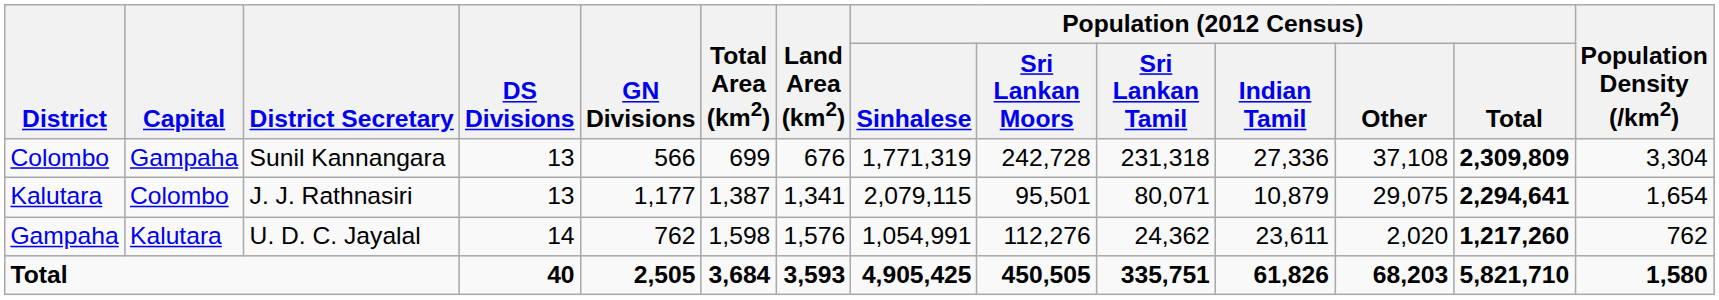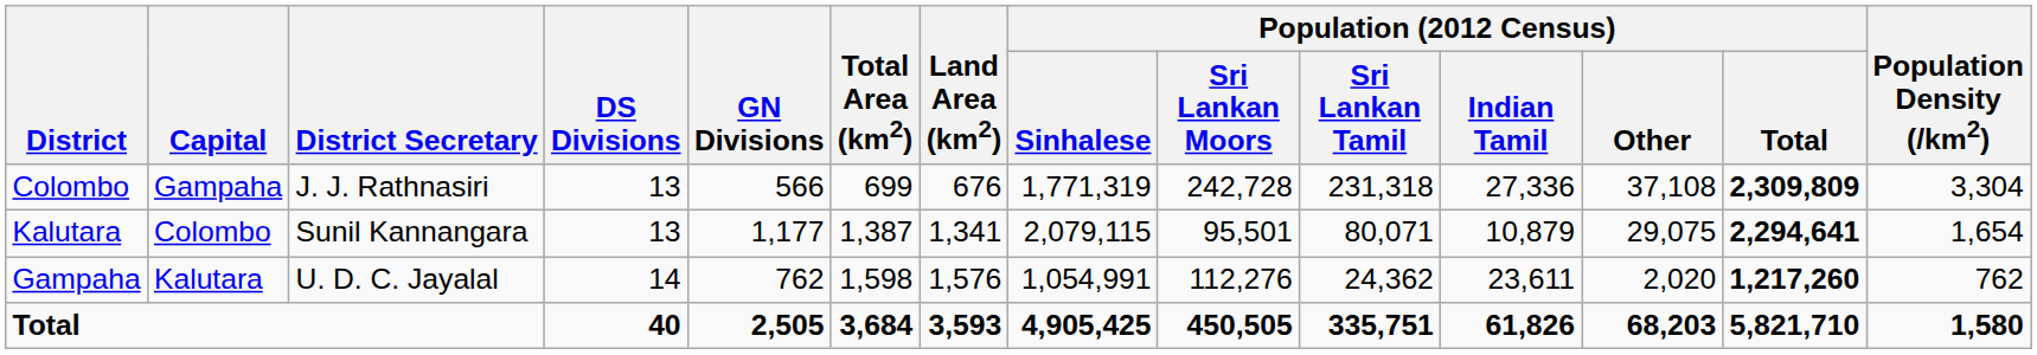 <table class="wikitable" style="text-align:right;">
 <tr style="vertical-align:bottom;">
 <th rowspan=2><a href='#'>District</a></th>
 <th rowspan=2><a href='#'>Capital</a></th>
 <th rowspan=2><a href='#'>District Secretary</a></th>
 <th rowspan=2><a href='#'>DS<br>Divisions</a></th>
 <th rowspan=2><a href='#'>GN</a><br>Divisions<br></th>
 <th rowspan=2>Total<br>Area<br>(km<sup>2</sup>)</th>
 <th rowspan=2>Land<br>Area<br>(km<sup>2</sup>)</th>
 <th colspan=6>Population (2012 Census)</th>
 <th rowspan=2>Population<br>Density<br>(/km<sup>2</sup>)</th>
 </tr>
 <tr style="vertical-align:bottom;">
 <th style="width:70px;"><a href='#'>Sinhalese</a></th>
 <th style="width:70px;"><a href='#'>Sri Lankan Moors</a></th>
 <th style="width:70px;"><a href='#'>Sri Lankan Tamil</a></th>
 <th style="width:70px;"><a href='#'>Indian Tamil</a></th>
 <th style="width:70px;">Other</th>
 <th style="width:70px;">Total</th>
 </tr>
 <tr>
 <td align=left><a href='#'>Colombo</a></td>
 <td align=left><a href='#'>Gampaha</a></td>
-<td align=left>Sunil Kannangara</td>
+<td align=left>J. J. Rathnasiri</td>
 <td>13</td>
 <td>566</td>
 <td>699</td>
 <td>676</td>
 <td>1,771,319</td>
 <td>242,728</td>
 <td>231,318</td>
 <td>27,336</td>
 <td>37,108</td>
 <td><strong>2,309,809</strong></td>
 <td>3,304</td>
 </tr>
 <tr>
 <td align=left><a href='#'>Kalutara</a></td>
 <td align=left><a href='#'>Colombo</a></td>
-<td align=left>J. J. Rathnasiri</td>
+<td align=left>Sunil Kannangara</td>
 <td>13</td>
 <td>1,177</td>
 <td>1,387</td>
 <td>1,341</td>
 <td>2,079,115</td>
 <td>95,501</td>
 <td>80,071</td>
 <td>10,879</td>
 <td>29,075</td>
 <td><strong>2,294,641</strong></td>
 <td>1,654</td>
 </tr>
 <tr>
 <td align=left><a href='#'>Gampaha</a></td>
 <td align=left><a href='#'>Kalutara</a></td>
 <td align=left>U. D. C. Jayalal</td>
 <td>14</td>
 <td>762</td>
 <td>1,598</td>
 <td>1,576</td>
 <td>1,054,991</td>
 <td>112,276</td>
 <td>24,362</td>
 <td>23,611</td>
 <td>2,020</td>
 <td><strong>1,217,260</strong></td>
 <td>762</td>
 </tr>
 <tr style="font-weight:bold">
 <td align=left colspan=3>Total</td>
 <td>40</td>
 <td>2,505</td>
 <td>3,684</td>
 <td>3,593</td>
 <td>4,905,425</td>
 <td>450,505</td>
 <td>335,751</td>
 <td>61,826</td>
 <td>68,203</td>
 <td>5,821,710</td>
 <td>1,580</td>
 </tr>
 </table>
